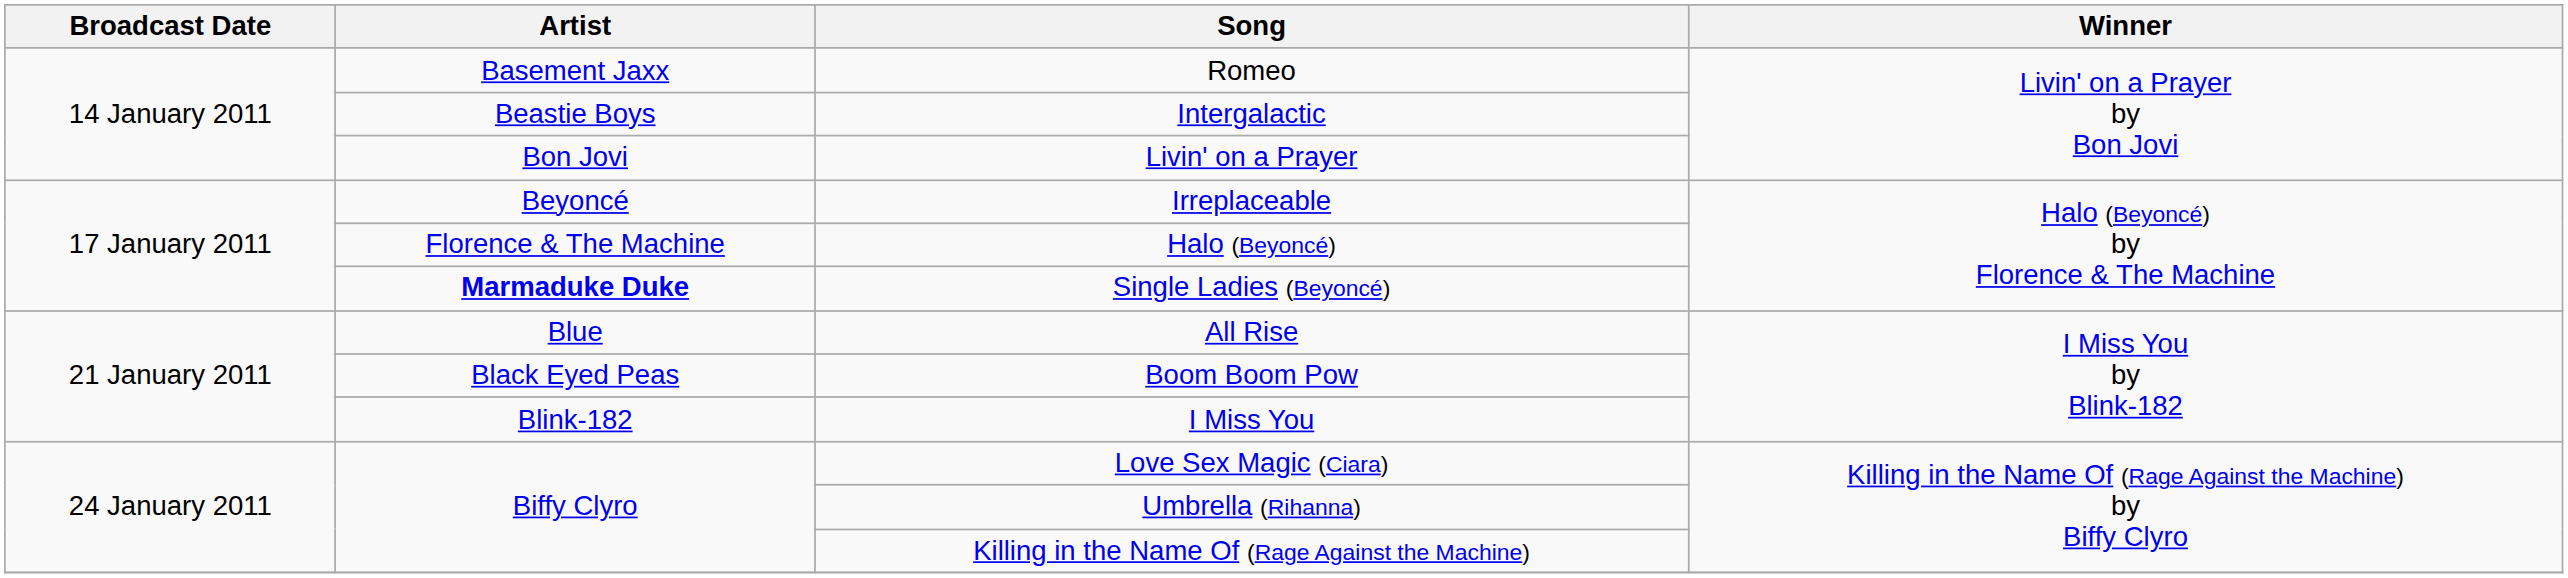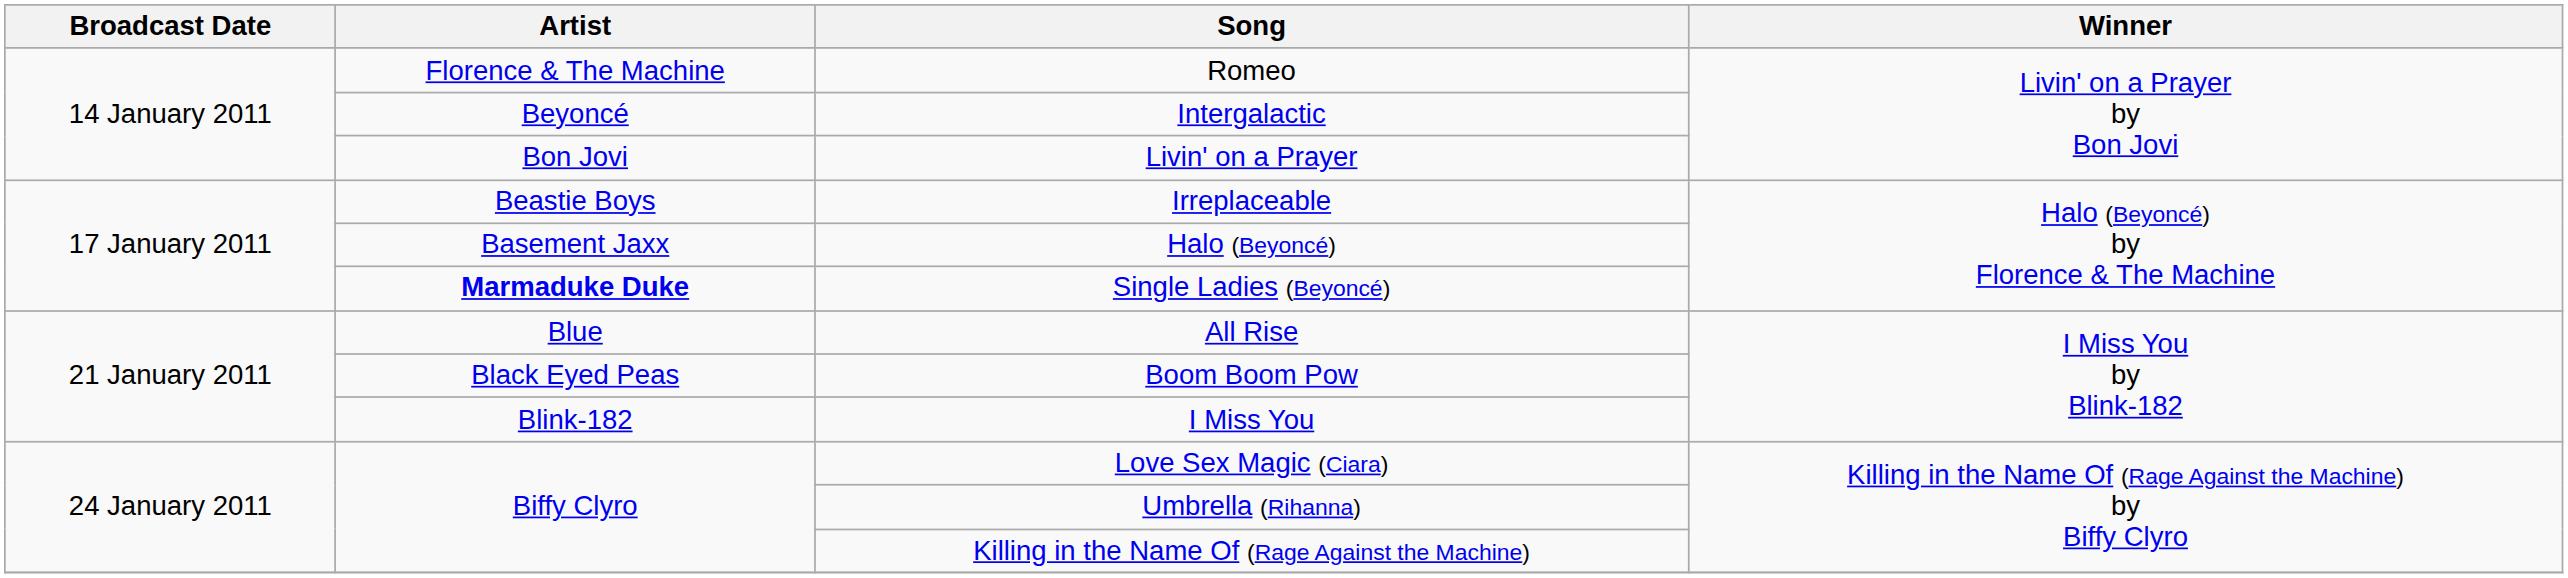 <table class="wikitable" style="text-align:center" width=75%>
 <tr>
 <th>Broadcast Date</th>
 <th>Artist</th>
 <th>Song</th>
 <th>Winner</th>
 </tr>
 <tr>
 <td Rowspan='3'>14 January 2011</td>
-<td><a href='#'>Basement Jaxx</a></td>
+<td><a href='#'>Florence & The Machine</a></td>
 <td>Romeo</td>
 <td Rowspan='3'><a href='#'>Livin' on a Prayer</a><br>by<br><a href='#'>Bon Jovi</a></td>
 </tr>
 <tr>
-<td><a href='#'>Beastie Boys</a></td>
+<td><a href='#'>Beyoncé</a></td>
 <td><a href='#'>Intergalactic</a></td>
 </tr>
 <tr>
 <td><a href='#'>Bon Jovi</a></td>
 <td><a href='#'>Livin' on a Prayer</a></td>
 </tr>
 <tr>
 <td Rowspan='3'>17 January 2011</td>
-<td><a href='#'>Beyoncé</a></td>
+<td><a href='#'>Beastie Boys</a></td>
 <td><a href='#'>Irreplaceable</a></td>
 <td Rowspan='3'><a href='#'>Halo</a> <small>(<a href='#'>Beyoncé</a>)</small><br>by<br><a href='#'>Florence & The Machine</a></td>
 </tr>
 <tr>
-<td><a href='#'>Florence & The Machine</a></td>
+<td><a href='#'>Basement Jaxx</a></td>
 <td><a href='#'>Halo</a> <small>(<a href='#'>Beyoncé</a>)</small></td>
 </tr>
 <tr>
 <td><strong><a href='#'>Marmaduke Duke</a></strong></td>
 <td><a href='#'>Single Ladies</a> <small>(<a href='#'>Beyoncé</a>)</small></td>
 </tr>
 <tr>
 <td Rowspan='3'>21 January 2011</td>
 <td><a href='#'>Blue</a></td>
 <td><a href='#'>All Rise</a></td>
 <td Rowspan='3'><a href='#'>I Miss You</a><br>by<br><a href='#'>Blink-182</a></td>
 </tr>
 <tr>
 <td><a href='#'>Black Eyed Peas</a></td>
 <td><a href='#'>Boom Boom Pow</a></td>
 </tr>
 <tr>
 <td><a href='#'>Blink-182</a></td>
 <td><a href='#'>I Miss You</a></td>
 </tr>
 <tr>
 <td Rowspan='3'>24 January 2011</td>
 <td Rowspan='3'><a href='#'>Biffy Clyro</a></td>
 <td><a href='#'>Love Sex Magic</a> <small>(<a href='#'>Ciara</a>)</small></td>
 <td Rowspan='3'><a href='#'>Killing in the Name Of</a> <small>(<a href='#'>Rage Against the Machine</a>)</small><br>by<br><a href='#'>Biffy Clyro</a></td>
 </tr>
 <tr>
 <td><a href='#'>Umbrella</a> <small>(<a href='#'>Rihanna</a>)</small></td>
 </tr>
 <tr>
 <td><a href='#'>Killing in the Name Of</a> <small>(<a href='#'>Rage Against the Machine</a>)</small></td>
 </tr>
 <tr>
 </tr>
 </table>
